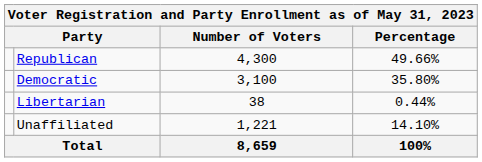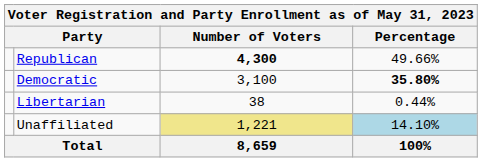 <table class=wikitable>
 <tr>
 <th colspan = 6>Voter Registration and Party Enrollment as of May 31, 2023</th>
 </tr>
 <tr>
 <th colspan = 2>Party</th>
 <th>Number of Voters</th>
 <th>Percentage</th>
 </tr>
 <tr>
 <td></td>
 <td><a href='#'>Republican</a></td>
-<td align = center>4,300</td>
+<td align = center><strong>4,300</strong></td>
 <td align = center>49.66%</td>
 </tr>
 <tr>
 <td></td>
 <td><a href='#'>Democratic</a></td>
 <td align = center>3,100</td>
-<td align = center>35.80%</td>
+<td align = center><strong>35.80%</strong></td>
 </tr>
 <tr>
 <td></td>
 <td><a href='#'>Libertarian</a></td>
 <td align = center>38</td>
 <td align = center>0.44%</td>
 </tr>
 <tr>
 <td></td>
 <td>Unaffiliated</td>
-<td align = center>1,221</td>
-<td align = center>14.10%</td>
+<td align = center style="background: khaki;">1,221</td>
+<td align = center style="background: lightblue;">14.10%</td>
 </tr>
 <tr>
 <th colspan = 2>Total</th>
 <th align = center>8,659</th>
 <th align = center>100%</th>
 </tr>
 </table>
